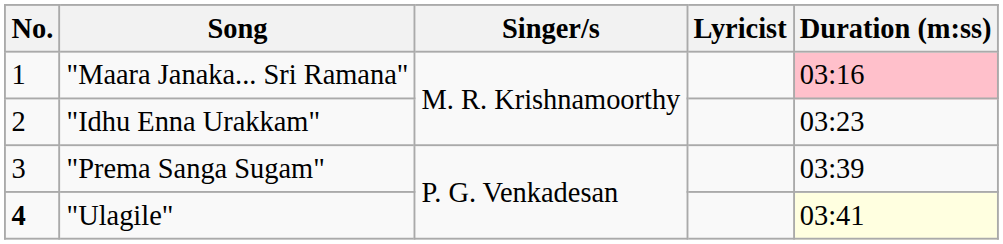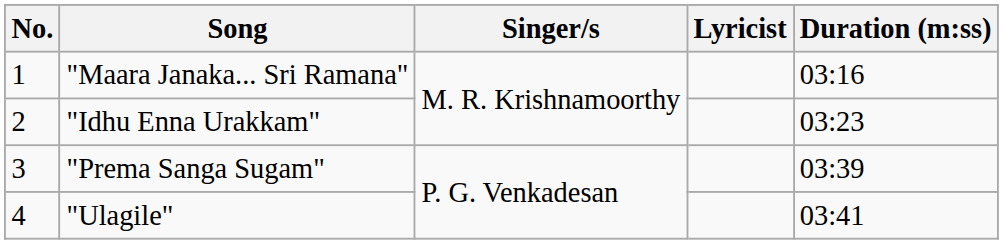 <table class="wikitable" style="font-size:95%;">
 <tr>
 <th>No.</th>
 <th>Song</th>
 <th>Singer/s</th>
 <th>Lyricist</th>
 <th>Duration (m:ss)</th>
 </tr>
 <tr>
 <td>1</td>
 <td>"Maara Janaka... Sri Ramana"</td>
 <td rowspan=2>M. R. Krishnamoorthy</td>
 <td></td>
-<td style="background: pink;">03:16</td>
+<td>03:16</td>
 </tr>
 <tr>
 <td>2</td>
 <td>"Idhu Enna Urakkam"</td>
 <td></td>
 <td>03:23</td>
 </tr>
 <tr>
 <td>3</td>
 <td>"Prema Sanga Sugam"</td>
 <td rowspan=2>P. G. Venkadesan</td>
 <td></td>
 <td>03:39</td>
 </tr>
 <tr>
-<td><strong>4</strong></td>
+<td>4</td>
 <td>"Ulagile"</td>
 <td></td>
-<td style="background: lightyellow;">03:41</td>
+<td>03:41</td>
 </tr>
 </table>
